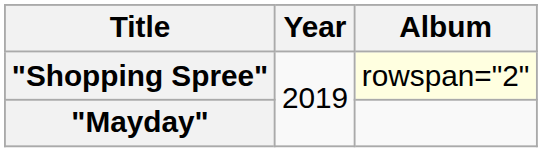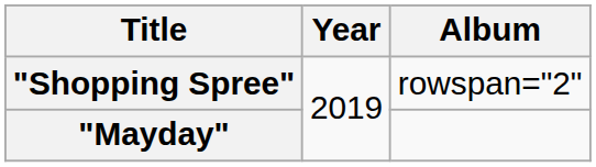 <table class="wikitable plainrowheaders">
 <tr>
 <th>Title</th>
 <th>Year</th>
 <th>Album</th>
 </tr>
 <tr>
 <th scope="row">"Shopping Spree"<br></th>
 <td rowspan="2">2019</td>
-<td style="background: lightyellow;">rowspan="2" </td>
+<td>rowspan="2" </td>
 </tr>
 <tr>
 <th scope="row">"Mayday"<br></th>
 </tr>
 </table>
